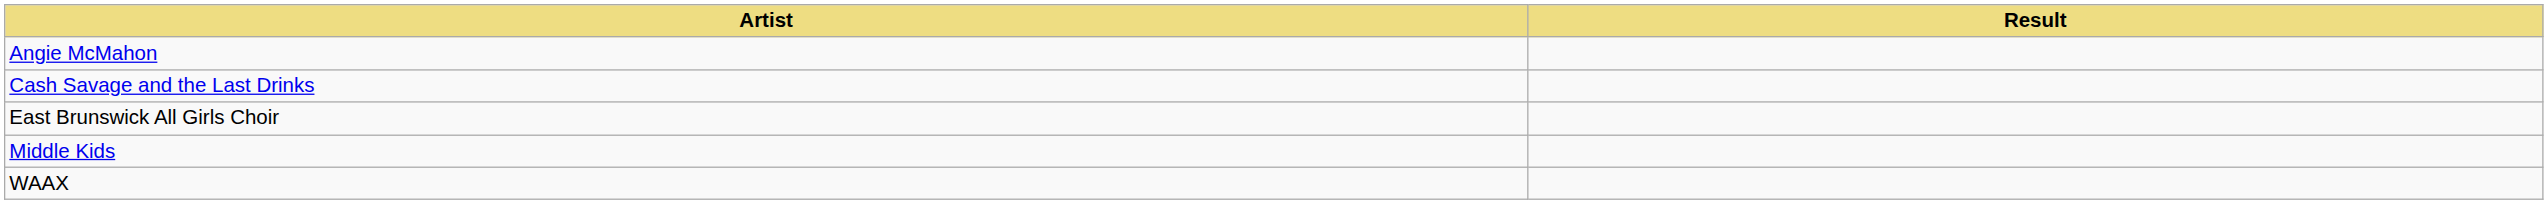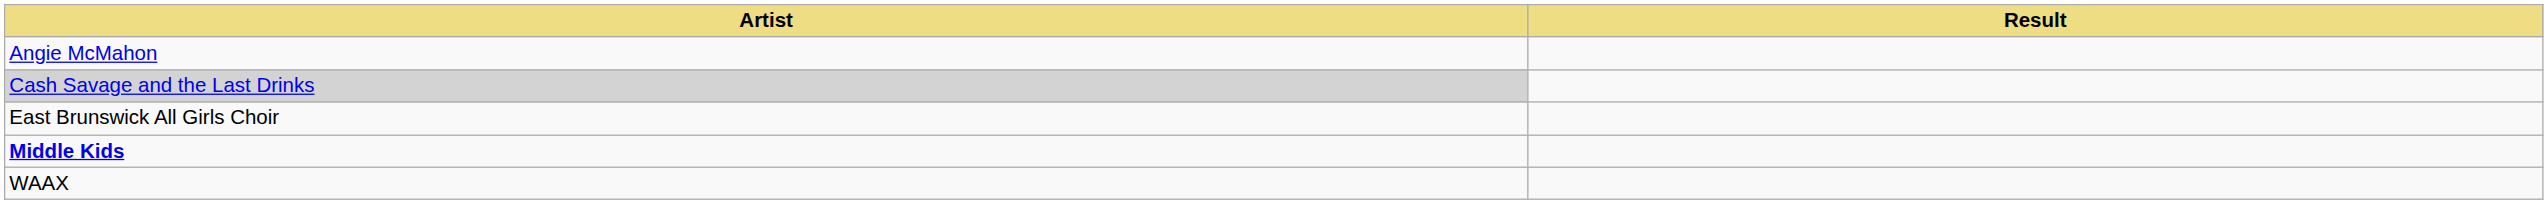 <table class="wikitable" width=100%>
 <tr>
 <th style="width:15%;background:#EEDD82;">Artist</th>
 <th style="width:10%;background:#EEDD82;">Result</th>
 </tr>
 <tr>
 <td><a href='#'>Angie McMahon</a></td>
 <td></td>
 </tr>
 <tr>
-<td><a href='#'>Cash Savage and the Last Drinks</a></td>
+<td style="background: lightgrey;"><a href='#'>Cash Savage and the Last Drinks</a></td>
 <td></td>
 </tr>
 <tr>
 <td>East Brunswick All Girls Choir</td>
 <td></td>
 </tr>
 <tr>
-<td><a href='#'>Middle Kids</a></td>
+<td><strong><a href='#'>Middle Kids</a></strong></td>
 <td></td>
 </tr>
 <tr>
 <td>WAAX</td>
 <td></td>
 </tr>
 </table>
